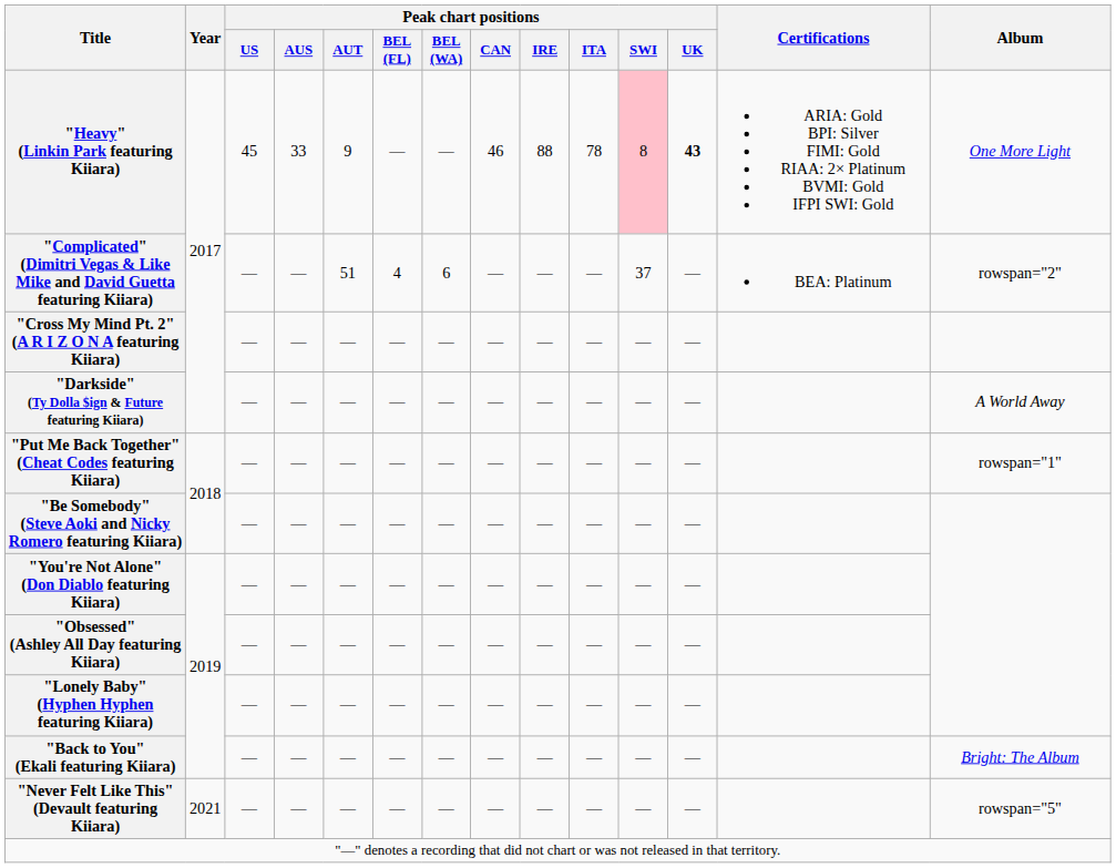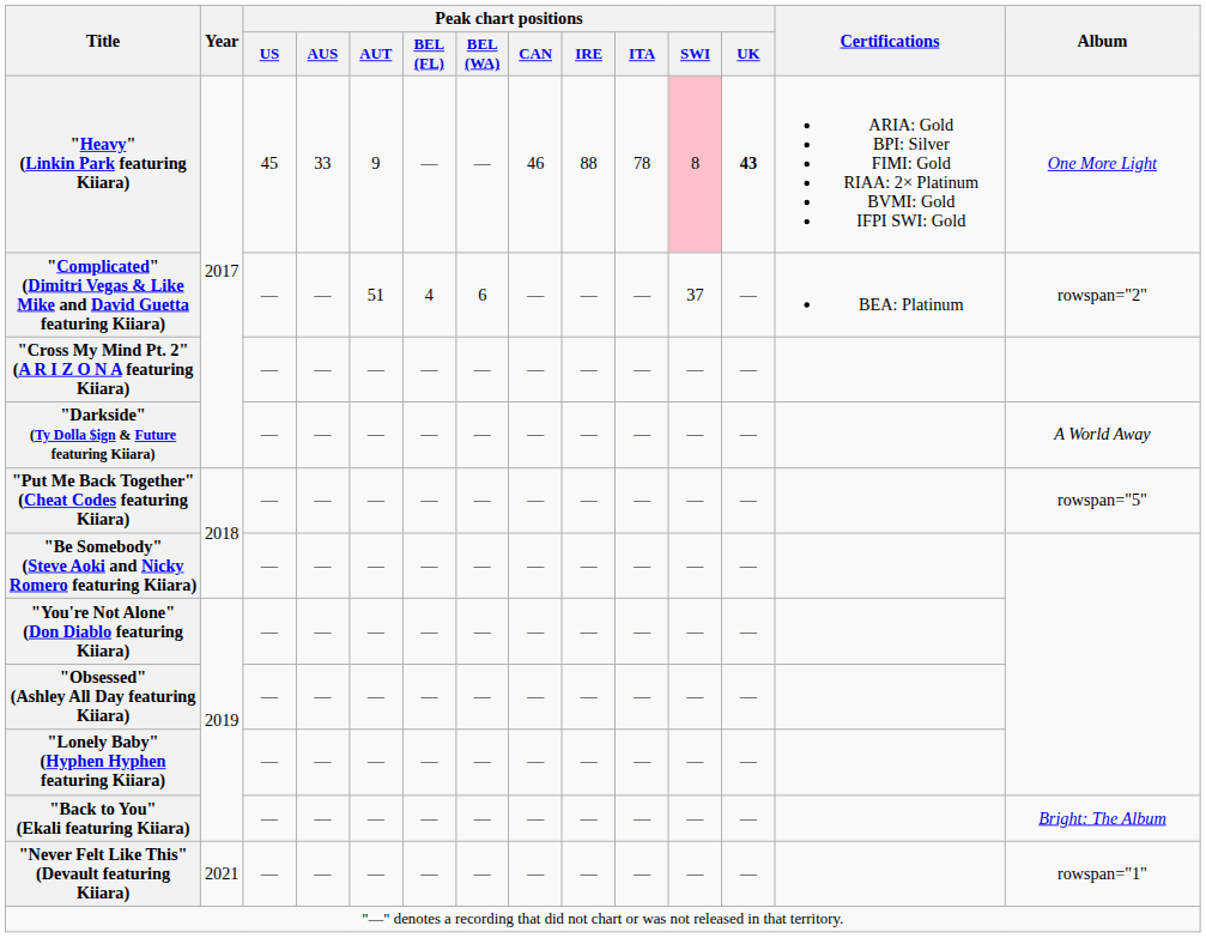 <table class="wikitable plainrowheaders" style="text-align:center;">
 <tr>
 <th scope="col" rowspan="2" style="width:11em;">Title</th>
 <th scope="col" rowspan="2" style="width:1em;">Year</th>
 <th scope="col" style="width:2em;" colspan="10">Peak chart positions</th>
 <th scope="col" rowspan="2" style="width:13em;"><a href='#'>Certifications</a></th>
 <th scope="col" rowspan="2" style="width:11em;">Album</th>
 </tr>
 <tr>
 <th scope="col" style="width:3em;font-size:90%;"><a href='#'>US</a><br></th>
 <th scope="col" style="width:3em;font-size:90%;"><a href='#'>AUS</a><br></th>
 <th scope="col" style="width:3em;font-size:90%;"><a href='#'>AUT</a><br></th>
 <th scope="col" style="width:3em;font-size:90%;"><a href='#'>BEL<br>(FL)</a><br></th>
 <th scope="col" style="width:3em;font-size:90%;"><a href='#'>BEL<br>(WA)</a><br></th>
 <th scope="col" style="width:3em;font-size:90%;"><a href='#'>CAN</a><br></th>
 <th scope="col" style="width:3em;font-size:90%;"><a href='#'>IRE</a><br></th>
 <th scope="col" style="width:3em;font-size:90%;"><a href='#'>ITA</a><br></th>
 <th scope="col" style="width:3em;font-size:90%;"><a href='#'>SWI</a><br></th>
 <th scope="col" style="width:3em;font-size:90%;"><a href='#'>UK</a><br></th>
 </tr>
 <tr>
 <th scope="row">"<a href='#'>Heavy</a>"<br><span>(<a href='#'>Linkin Park</a> featuring Kiiara)</span></th>
 <td rowspan="4">2017</td>
 <td>45<br></td>
 <td>33<br></td>
 <td>9</td>
 <td>—</td>
 <td>—</td>
 <td>46<br></td>
 <td>88<br></td>
 <td>78<br></td>
 <td style="background: pink;">8</td>
 <td><strong>43</strong></td>
 <td><br><ul><li>ARIA: Gold</li><li>BPI: Silver</li><li>FIMI: Gold</li><li>RIAA: 2× Platinum</li><li>BVMI: Gold</li><li>IFPI SWI: Gold</li></ul></td>
 <td><em><a href='#'>One More Light</a></em></td>
 </tr>
 <tr>
 <th scope="row">"<a href='#'>Complicated</a>"<br><span>(<a href='#'>Dimitri Vegas & Like Mike</a> and <a href='#'>David Guetta</a> featuring Kiiara)</span></th>
 <td>—</td>
 <td>—</td>
 <td>51</td>
 <td>4</td>
 <td>6</td>
 <td>—</td>
 <td>—</td>
 <td>—</td>
 <td>37</td>
 <td>—</td>
 <td><br><ul><li>BEA: Platinum</li></ul></td>
 <td>rowspan="2" </td>
 </tr>
 <tr>
 <th scope="row">"Cross My Mind Pt. 2"<br><span>(<a href='#'>A R I Z O N A</a> featuring Kiiara)</span></th>
 <td>—</td>
 <td>—</td>
 <td>—</td>
 <td>—</td>
 <td>—</td>
 <td>—</td>
 <td>—</td>
 <td>—</td>
 <td>—</td>
 <td>—</td>
 <td></td>
 </tr>
 <tr>
 <th scope="row">"Darkside"<br><small>(<a href='#'>Ty Dolla $ign</a> & <a href='#'>Future</a> featuring Kiiara)</small></th>
 <td>—</td>
 <td>—</td>
 <td>—</td>
 <td>—</td>
 <td>—</td>
 <td>—</td>
 <td>—</td>
 <td>—</td>
 <td>—</td>
 <td>—</td>
 <td></td>
 <td><em>A World Away</em></td>
 </tr>
 <tr>
 <th scope="row">"Put Me Back Together"<br><span>(<a href='#'>Cheat Codes</a> featuring Kiiara)</span></th>
 <td rowspan="2">2018</td>
 <td>—</td>
 <td>—</td>
 <td>—</td>
 <td>—</td>
 <td>—</td>
 <td>—</td>
 <td>—</td>
 <td>—</td>
 <td>—</td>
 <td>—</td>
 <td></td>
-<td>rowspan="1" </td>
+<td>rowspan="5" </td>
 </tr>
 <tr>
 <th scope="row">"Be Somebody" <br><span>(<a href='#'>Steve Aoki</a> and <a href='#'>Nicky Romero</a> featuring Kiiara)</span></th>
 <td>—</td>
 <td>—</td>
 <td>—</td>
 <td>—</td>
 <td>—</td>
 <td>—</td>
 <td>—</td>
 <td>—</td>
 <td>—</td>
 <td>—</td>
 <td></td>
 </tr>
 <tr>
 <th scope="row">"You're Not Alone"<br><span>(<a href='#'>Don Diablo</a> featuring Kiiara)</span></th>
 <td rowspan="4">2019</td>
 <td>—</td>
 <td>—</td>
 <td>—</td>
 <td>—</td>
 <td>—</td>
 <td>—</td>
 <td>—</td>
 <td>—</td>
 <td>—</td>
 <td>—</td>
 <td></td>
 </tr>
 <tr>
 <th scope="row">"Obsessed"<br><span>(Ashley All Day featuring Kiiara)</span></th>
 <td>—</td>
 <td>—</td>
 <td>—</td>
 <td>—</td>
 <td>—</td>
 <td>—</td>
 <td>—</td>
 <td>—</td>
 <td>—</td>
 <td>—</td>
 <td></td>
 </tr>
 <tr>
 <th scope="row">"Lonely Baby" <br><span>(<a href='#'>Hyphen Hyphen</a> featuring Kiiara)</span></th>
 <td>—</td>
 <td>—</td>
 <td>—</td>
 <td>—</td>
 <td>—</td>
 <td>—</td>
 <td>—</td>
 <td>—</td>
 <td>—</td>
 <td>—</td>
 <td></td>
 </tr>
 <tr>
 <th scope="row">"Back to You" <br><span>(Ekali featuring Kiiara)</span></th>
 <td>—</td>
 <td>—</td>
 <td>—</td>
 <td>—</td>
 <td>—</td>
 <td>—</td>
 <td>—</td>
 <td>—</td>
 <td>—</td>
 <td>—</td>
 <td></td>
 <td><em><a href='#'>Bright: The Album</a></em></td>
 </tr>
 <tr>
 <th scope="row">"Never Felt Like This"<br><span>(Devault featuring Kiiara)</span></th>
 <td rowspan="1">2021</td>
 <td>—</td>
 <td>—</td>
 <td>—</td>
 <td>—</td>
 <td>—</td>
 <td>—</td>
 <td>—</td>
 <td>—</td>
 <td>—</td>
 <td>—</td>
 <td></td>
-<td>rowspan="5" </td>
+<td>rowspan="1" </td>
 </tr>
 <tr>
 <td colspan="14" style="font-size:90%">"—" denotes a recording that did not chart or was not released in that territory.</td>
 </tr>
 </table>
